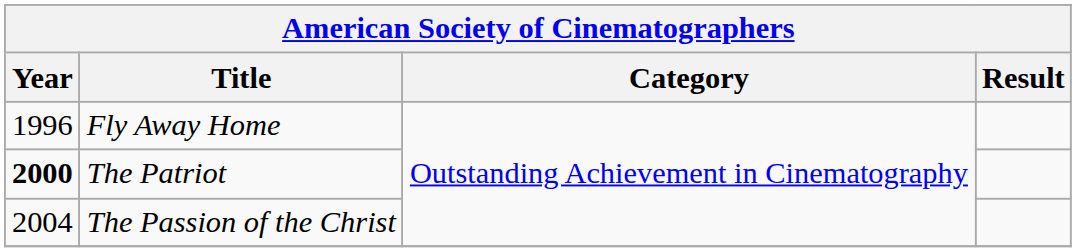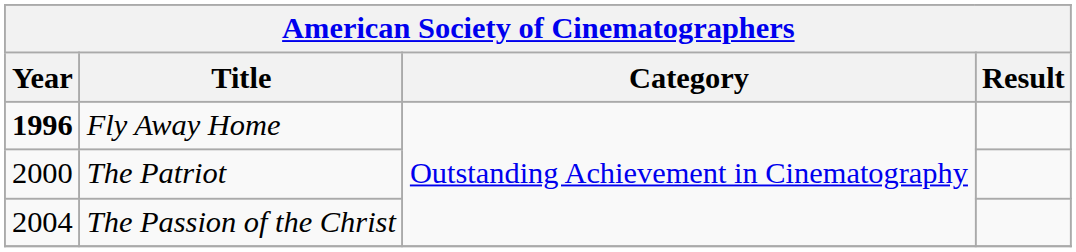 <table class="wikitable">
 <tr>
 <th colspan=4><a href='#'>American Society of Cinematographers</a></th>
 </tr>
 <tr>
 <th>Year</th>
 <th>Title</th>
 <th>Category</th>
 <th>Result</th>
 </tr>
 <tr>
-<td>1996</td>
+<td><strong>1996</strong></td>
 <td><em>Fly Away Home</em></td>
 <td rowspan=3><a href='#'>Outstanding Achievement in Cinematography</a></td>
 <td></td>
 </tr>
 <tr>
-<td><strong>2000</strong></td>
+<td>2000</td>
 <td><em>The Patriot</em></td>
 <td></td>
 </tr>
 <tr>
 <td>2004</td>
 <td><em>The Passion of the Christ</em></td>
 <td></td>
 </tr>
 <tr>
 </tr>
 </table>
